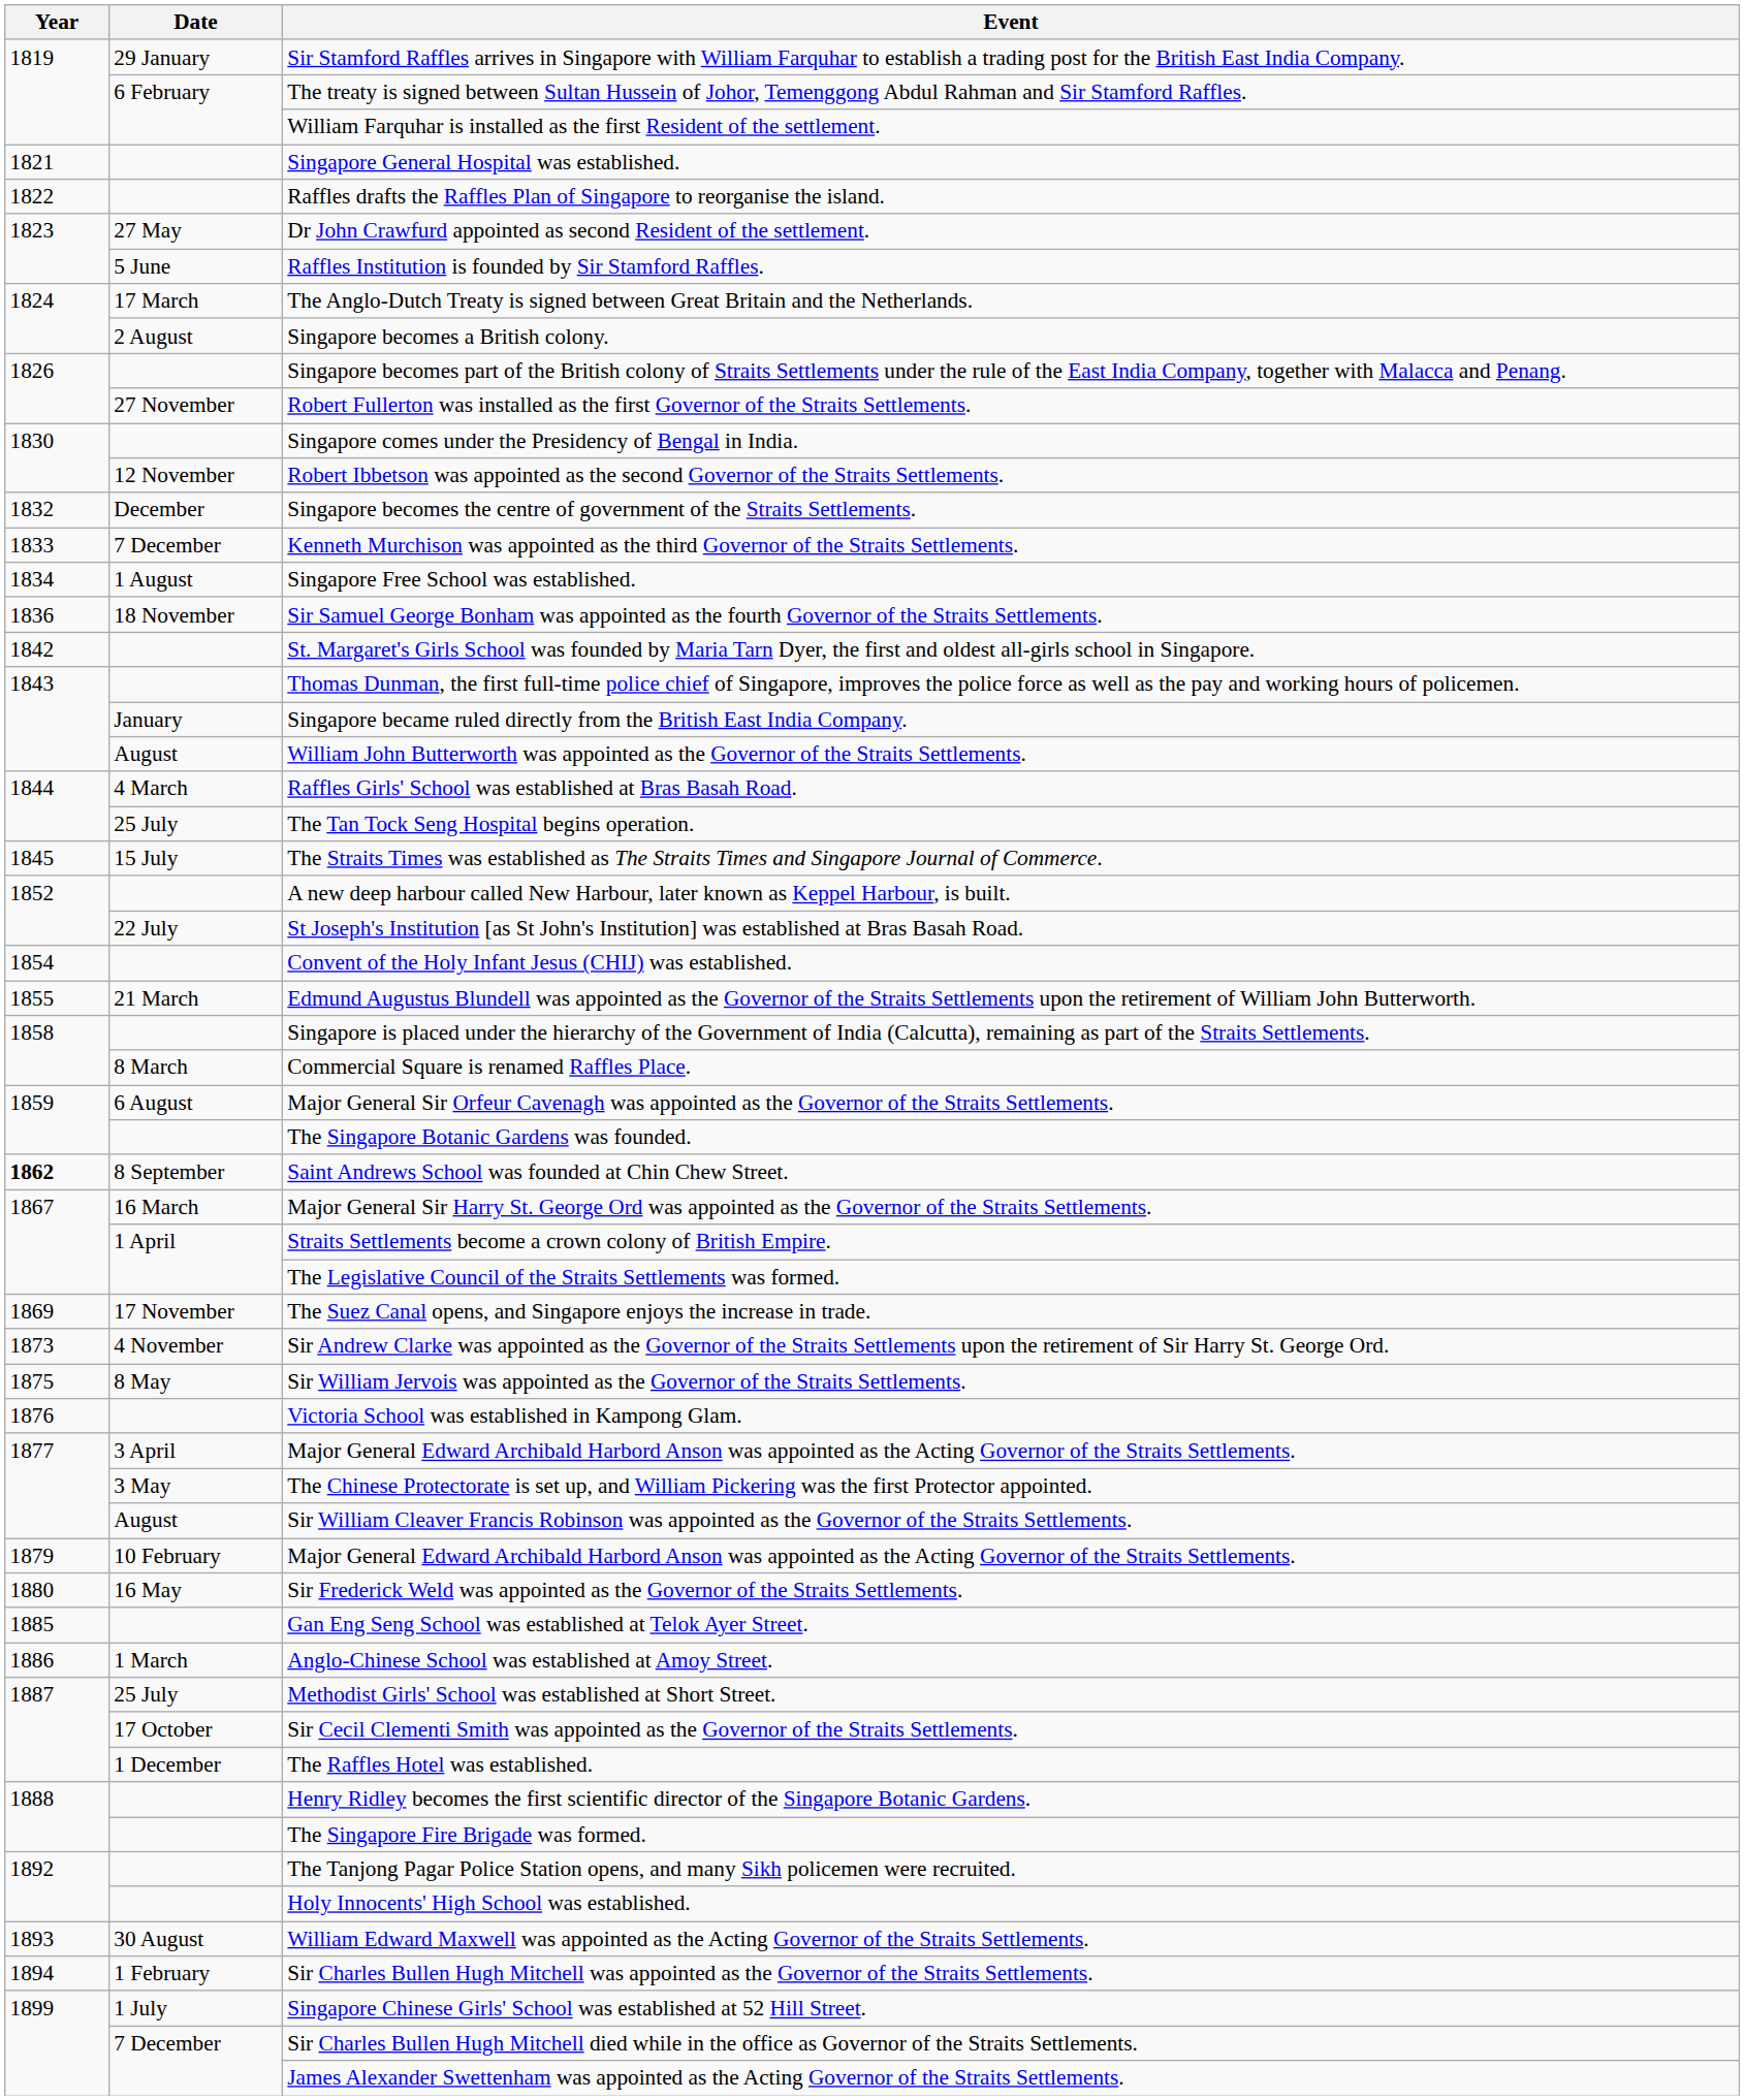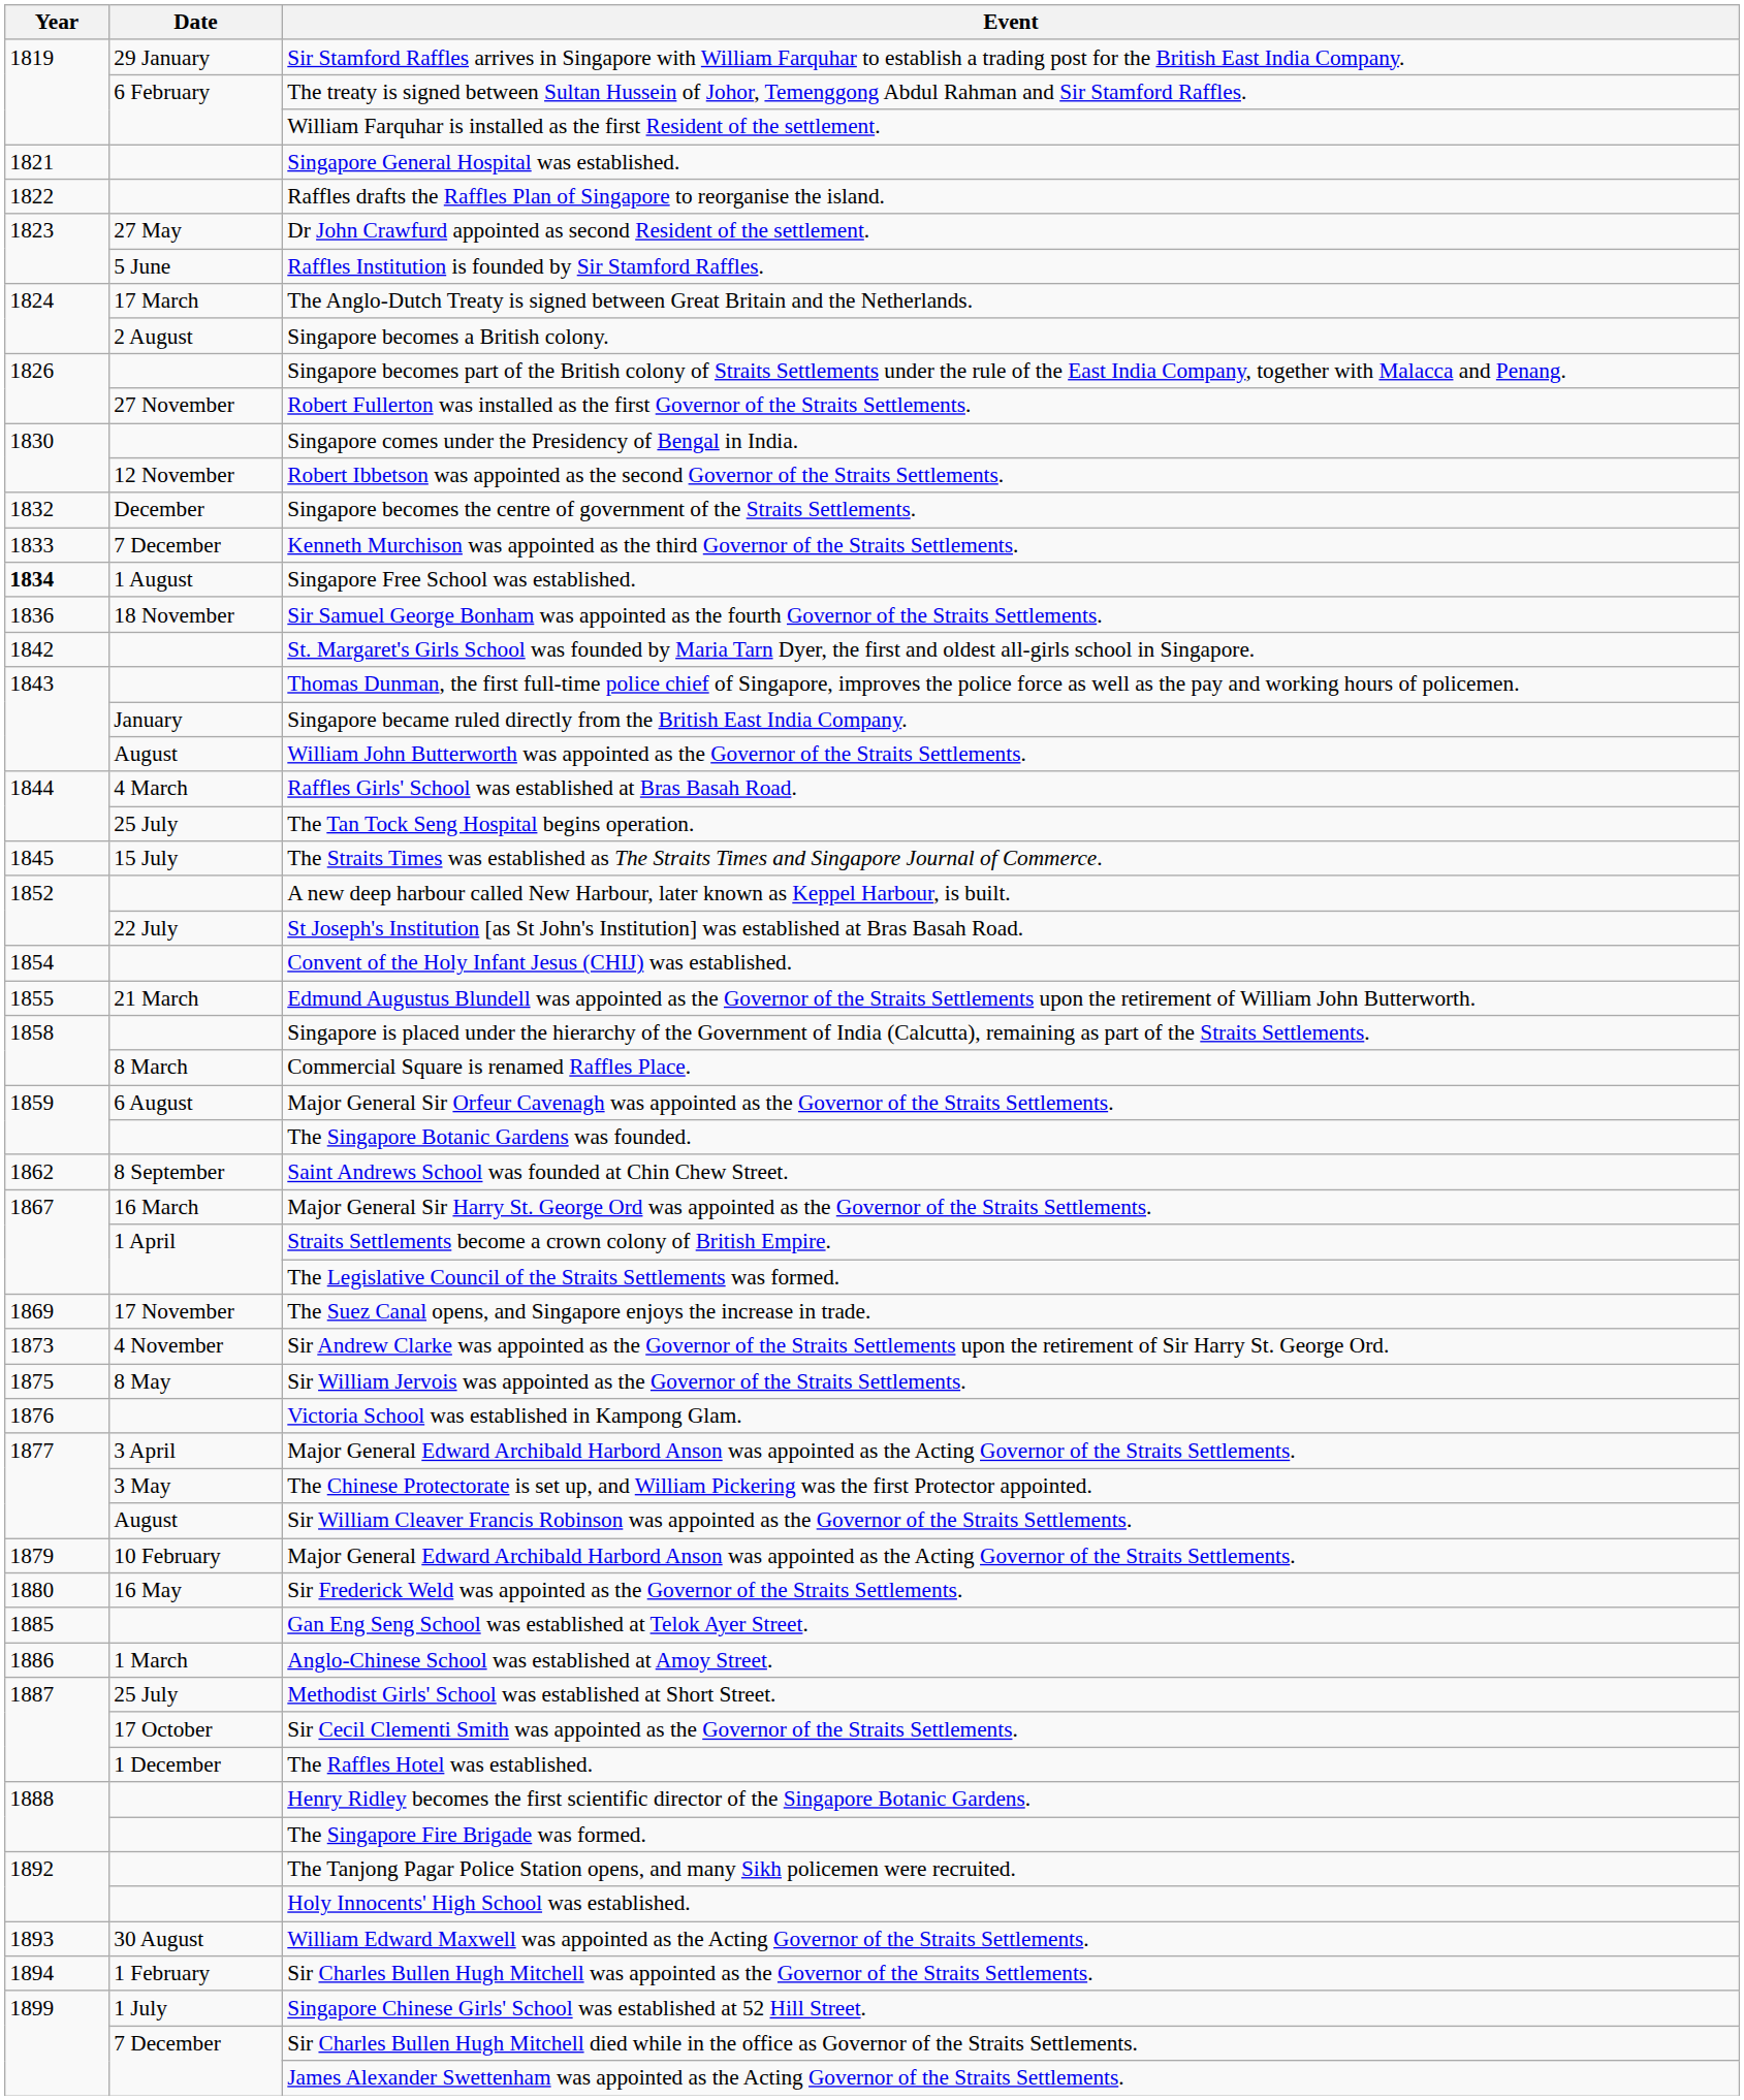 <table class="wikitable sticky-header" style=width:100%>
 <tr>
 <th style=width:6%>Year</th>
 <th style=width:10%>Date</th>
 <th>Event</th>
 </tr>
 <tr>
 <td rowspan=3 style=vertical-align:top>1819</td>
 <td>29 January</td>
 <td><a href='#'>Sir Stamford Raffles</a> arrives in Singapore with <a href='#'>William Farquhar</a> to establish a trading post for the <a href='#'>British East India Company</a>.</td>
 </tr>
 <tr>
 <td rowspan=2 style=vertical-align:top>6 February</td>
 <td>The treaty is signed between <a href='#'>Sultan Hussein</a> of <a href='#'>Johor</a>, <a href='#'>Temenggong</a> Abdul Rahman and <a href='#'>Sir Stamford Raffles</a>.</td>
 </tr>
 <tr>
 <td>William Farquhar is installed as the first <a href='#'>Resident of the settlement</a>.</td>
 </tr>
 <tr>
 <td>1821</td>
 <td></td>
 <td><a href='#'>Singapore General Hospital</a> was established.</td>
 </tr>
 <tr>
 <td>1822</td>
 <td></td>
 <td>Raffles drafts the <a href='#'>Raffles Plan of Singapore</a> to reorganise the island.</td>
 </tr>
 <tr>
 <td rowspan=2 style=vertical-align:top>1823</td>
 <td>27 May</td>
 <td>Dr <a href='#'>John Crawfurd</a> appointed as second <a href='#'>Resident of the settlement</a>.</td>
 </tr>
 <tr>
 <td>5 June</td>
 <td><a href='#'>Raffles Institution</a> is founded by <a href='#'>Sir Stamford Raffles</a>.</td>
 </tr>
 <tr>
 <td rowspan=2 style=vertical-align:top>1824</td>
 <td>17 March</td>
 <td>The Anglo-Dutch Treaty is signed between Great Britain and the Netherlands.</td>
 </tr>
 <tr>
 <td>2 August</td>
 <td>Singapore becomes a British colony.</td>
 </tr>
 <tr>
 <td rowspan=2 style=vertical-align:top>1826</td>
 <td></td>
 <td>Singapore becomes part of the British colony of <a href='#'>Straits Settlements</a> under the rule of the <a href='#'>East India Company</a>, together with <a href='#'>Malacca</a> and <a href='#'>Penang</a>.</td>
 </tr>
 <tr>
 <td>27 November</td>
 <td><a href='#'>Robert Fullerton</a> was installed as the first <a href='#'>Governor of the Straits Settlements</a>.</td>
 </tr>
 <tr>
 <td rowspan=2 style=vertical-align:top>1830</td>
 <td></td>
 <td>Singapore comes under the Presidency of <a href='#'>Bengal</a> in India.</td>
 </tr>
 <tr>
 <td>12 November</td>
 <td><a href='#'>Robert Ibbetson</a> was appointed as the second <a href='#'>Governor of the Straits Settlements</a>.</td>
 </tr>
 <tr>
 <td>1832</td>
 <td>December</td>
 <td>Singapore becomes the centre of government of the <a href='#'>Straits Settlements</a>.</td>
 </tr>
 <tr>
 <td>1833</td>
 <td>7 December</td>
 <td><a href='#'>Kenneth Murchison</a> was appointed as the third <a href='#'>Governor of the Straits Settlements</a>.</td>
 </tr>
 <tr>
-<td>1834</td>
+<td><strong>1834</strong></td>
 <td>1 August</td>
 <td>Singapore Free School was established.</td>
 </tr>
 <tr>
 <td>1836</td>
 <td>18 November</td>
 <td><a href='#'>Sir Samuel George Bonham</a> was appointed as the fourth <a href='#'>Governor of the Straits Settlements</a>.</td>
 </tr>
 <tr>
 <td>1842</td>
 <td></td>
 <td><a href='#'>St. Margaret's Girls School</a> was founded by <a href='#'>Maria Tarn</a> Dyer, the first and oldest all-girls school in Singapore.</td>
 </tr>
 <tr>
 <td rowspan=3 style=vertical-align:top>1843</td>
 <td></td>
 <td><a href='#'>Thomas Dunman</a>, the first full-time <a href='#'>police chief</a> of Singapore, improves the police force as well as the pay and working hours of policemen.</td>
 </tr>
 <tr>
 <td>January</td>
 <td>Singapore became ruled directly from the <a href='#'>British East India Company</a>.</td>
 </tr>
 <tr>
 <td>August</td>
 <td><a href='#'>William John Butterworth</a> was appointed as the <a href='#'>Governor of the Straits Settlements</a>.</td>
 </tr>
 <tr>
 <td rowspan=2 style=vertical-align:top>1844</td>
 <td>4 March</td>
 <td><a href='#'>Raffles Girls' School</a> was established at <a href='#'>Bras Basah Road</a>.</td>
 </tr>
 <tr>
 <td>25 July</td>
 <td>The <a href='#'>Tan Tock Seng Hospital</a> begins operation.</td>
 </tr>
 <tr>
 <td>1845</td>
 <td>15 July</td>
 <td>The <a href='#'>Straits Times</a> was established as <em>The Straits Times and Singapore Journal of Commerce</em>.</td>
 </tr>
 <tr>
 <td rowspan=2 style=vertical-align:top>1852</td>
 <td></td>
 <td>A new deep harbour called New Harbour, later known as <a href='#'>Keppel Harbour</a>, is built.</td>
 </tr>
 <tr>
 <td>22 July</td>
 <td><a href='#'>St Joseph's Institution</a> [as St John's Institution] was established at Bras Basah Road.</td>
 </tr>
 <tr>
 <td>1854</td>
 <td></td>
 <td><a href='#'>Convent of the Holy Infant Jesus (CHIJ)</a> was established.</td>
 </tr>
 <tr>
 <td>1855</td>
 <td>21 March</td>
 <td><a href='#'>Edmund Augustus Blundell</a> was appointed as the <a href='#'>Governor of the Straits Settlements</a> upon the retirement of William John Butterworth.</td>
 </tr>
 <tr>
 <td rowspan=2 style=vertical-align:top>1858</td>
 <td></td>
 <td>Singapore is placed under the hierarchy of the Government of India (Calcutta), remaining as part of the <a href='#'>Straits Settlements</a>.</td>
 </tr>
 <tr>
 <td>8 March</td>
 <td>Commercial Square is renamed <a href='#'>Raffles Place</a>.</td>
 </tr>
 <tr>
 <td rowspan=2 style=vertical-align:top>1859</td>
 <td>6 August</td>
 <td>Major General Sir <a href='#'>Orfeur Cavenagh</a> was appointed as the <a href='#'>Governor of the Straits Settlements</a>.</td>
 </tr>
 <tr>
 <td></td>
 <td>The <a href='#'>Singapore Botanic Gardens</a> was founded.</td>
 </tr>
 <tr>
-<td><strong>1862</strong></td>
+<td>1862</td>
 <td>8 September</td>
 <td><a href='#'>Saint Andrews School</a> was founded at Chin Chew Street.</td>
 </tr>
 <tr>
 <td rowspan=3 style=vertical-align:top>1867</td>
 <td>16 March</td>
 <td>Major General Sir <a href='#'>Harry St. George Ord</a> was appointed as the <a href='#'>Governor of the Straits Settlements</a>.</td>
 </tr>
 <tr>
 <td rowspan=2 style=vertical-align:top>1 April</td>
 <td><a href='#'>Straits Settlements</a> become a crown colony of <a href='#'>British Empire</a>.</td>
 </tr>
 <tr>
 <td>The <a href='#'>Legislative Council of the Straits Settlements</a> was formed.</td>
 </tr>
 <tr>
 <td>1869</td>
 <td>17 November</td>
 <td>The <a href='#'>Suez Canal</a> opens, and Singapore enjoys the increase in trade.</td>
 </tr>
 <tr>
 <td>1873</td>
 <td>4 November</td>
 <td>Sir <a href='#'>Andrew Clarke</a> was appointed as the <a href='#'>Governor of the Straits Settlements</a> upon the retirement of Sir Harry St. George Ord.</td>
 </tr>
 <tr>
 <td>1875</td>
 <td>8 May</td>
 <td>Sir <a href='#'>William Jervois</a> was appointed as the <a href='#'>Governor of the Straits Settlements</a>.</td>
 </tr>
 <tr>
 <td>1876</td>
 <td></td>
 <td><a href='#'>Victoria School</a> was established in Kampong Glam.</td>
 </tr>
 <tr>
 <td rowspan=3 style=vertical-align:top>1877</td>
 <td>3 April</td>
 <td>Major General <a href='#'>Edward Archibald Harbord Anson</a> was appointed as the Acting <a href='#'>Governor of the Straits Settlements</a>.</td>
 </tr>
 <tr>
 <td>3 May</td>
 <td>The <a href='#'>Chinese Protectorate</a> is set up, and <a href='#'>William Pickering</a> was the first Protector appointed.</td>
 </tr>
 <tr>
 <td>August</td>
 <td>Sir <a href='#'>William Cleaver Francis Robinson</a> was appointed as the <a href='#'>Governor of the Straits Settlements</a>.</td>
 </tr>
 <tr>
 <td>1879</td>
 <td>10 February</td>
 <td>Major General <a href='#'>Edward Archibald Harbord Anson</a> was appointed as the Acting <a href='#'>Governor of the Straits Settlements</a>.</td>
 </tr>
 <tr>
 <td>1880</td>
 <td>16 May</td>
 <td>Sir <a href='#'>Frederick Weld</a> was appointed as the <a href='#'>Governor of the Straits Settlements</a>.</td>
 </tr>
 <tr>
 <td>1885</td>
 <td></td>
 <td><a href='#'>Gan Eng Seng School</a> was established at <a href='#'>Telok Ayer Street</a>.</td>
 </tr>
 <tr>
 <td>1886</td>
 <td>1 March</td>
 <td><a href='#'>Anglo-Chinese School</a> was established at <a href='#'>Amoy Street</a>.</td>
 </tr>
 <tr>
 <td rowspan=3 style=vertical-align:top>1887</td>
 <td>25 July</td>
 <td><a href='#'>Methodist Girls' School</a> was established at Short Street.</td>
 </tr>
 <tr>
 <td>17 October</td>
 <td>Sir <a href='#'>Cecil Clementi Smith</a> was appointed as the <a href='#'>Governor of the Straits Settlements</a>.</td>
 </tr>
 <tr>
 <td>1 December</td>
 <td>The <a href='#'>Raffles Hotel</a> was established.</td>
 </tr>
 <tr>
 <td rowspan=2 style=vertical-align:top>1888</td>
 <td></td>
 <td><a href='#'>Henry Ridley</a> becomes the first scientific director of the <a href='#'>Singapore Botanic Gardens</a>.</td>
 </tr>
 <tr>
 <td></td>
 <td>The <a href='#'>Singapore Fire Brigade</a> was formed.</td>
 </tr>
 <tr>
 <td rowspan=2 style=vertical-align:top>1892</td>
 <td></td>
 <td>The Tanjong Pagar Police Station opens, and many <a href='#'>Sikh</a> policemen were recruited.</td>
 </tr>
 <tr>
 <td></td>
 <td><a href='#'>Holy Innocents' High School</a> was established.</td>
 </tr>
 <tr>
 <td>1893</td>
 <td>30 August</td>
 <td><a href='#'>William Edward Maxwell</a> was appointed as the Acting <a href='#'>Governor of the Straits Settlements</a>.</td>
 </tr>
 <tr>
 <td>1894</td>
 <td>1 February</td>
 <td>Sir <a href='#'>Charles Bullen Hugh Mitchell</a> was appointed as the <a href='#'>Governor of the Straits Settlements</a>.</td>
 </tr>
 <tr>
 <td rowspan=3 style=vertical-align:top>1899</td>
 <td>1 July</td>
 <td><a href='#'>Singapore Chinese Girls' School</a> was established at 52 <a href='#'>Hill Street</a>.</td>
 </tr>
 <tr>
 <td rowspan=2 style=vertical-align:top>7 December</td>
 <td>Sir <a href='#'>Charles Bullen Hugh Mitchell</a> died while in the office as Governor of the Straits Settlements.</td>
 </tr>
 <tr>
 <td><a href='#'>James Alexander Swettenham</a> was appointed as the Acting <a href='#'>Governor of the Straits Settlements</a>.</td>
 </tr>
 </table>
